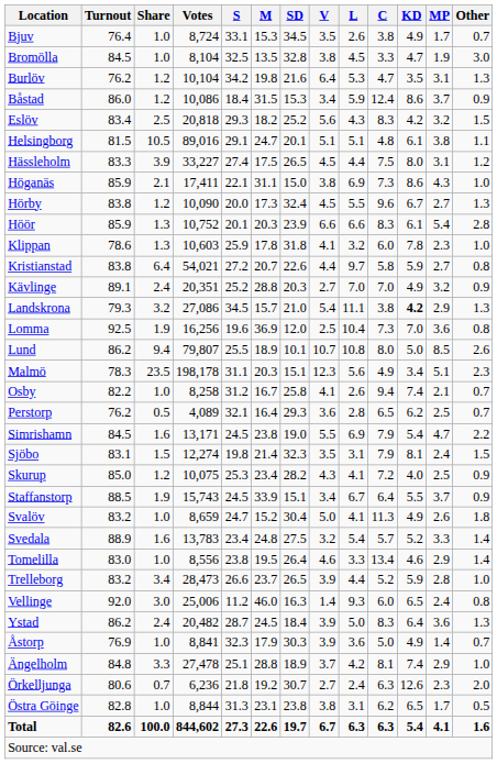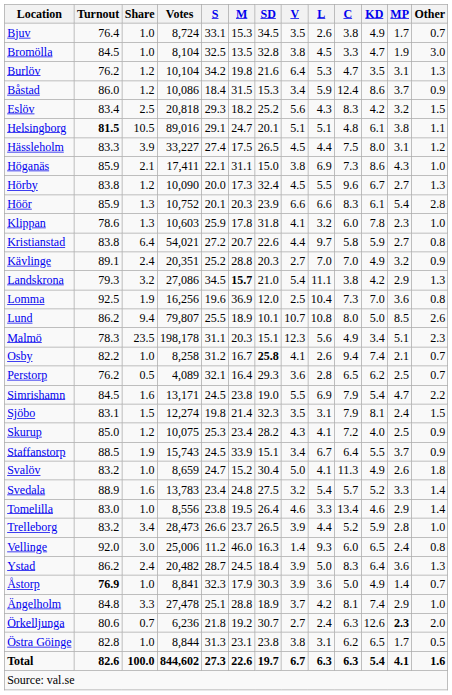 <table class="wikitable sortable" style=text-align:right>
 <tr>
 <th>Location</th>
 <th>Turnout</th>
 <th>Share</th>
 <th>Votes</th>
 <th><a href='#'>S</a></th>
 <th><a href='#'>M</a></th>
 <th><a href='#'>SD</a></th>
 <th><a href='#'>V</a></th>
 <th><a href='#'>L</a></th>
 <th><a href='#'>C</a></th>
 <th><a href='#'>KD</a></th>
 <th><a href='#'>MP</a></th>
 <th>Other</th>
 </tr>
 <tr>
 <td align=left><a href='#'>Bjuv</a></td>
 <td>76.4</td>
 <td>1.0</td>
 <td>8,724</td>
 <td>33.1</td>
 <td>15.3</td>
 <td>34.5</td>
 <td>3.5</td>
 <td>2.6</td>
 <td>3.8</td>
 <td>4.9</td>
 <td>1.7</td>
 <td>0.7</td>
 </tr>
 <tr>
 <td align=left><a href='#'>Bromölla</a></td>
 <td>84.5</td>
 <td>1.0</td>
 <td>8,104</td>
 <td>32.5</td>
 <td>13.5</td>
 <td>32.8</td>
 <td>3.8</td>
 <td>4.5</td>
 <td>3.3</td>
 <td>4.7</td>
 <td>1.9</td>
 <td>3.0</td>
 </tr>
 <tr>
 <td align=left><a href='#'>Burlöv</a></td>
 <td>76.2</td>
 <td>1.2</td>
 <td>10,104</td>
 <td>34.2</td>
 <td>19.8</td>
 <td>21.6</td>
 <td>6.4</td>
 <td>5.3</td>
 <td>4.7</td>
 <td>3.5</td>
 <td>3.1</td>
 <td>1.3</td>
 </tr>
 <tr>
 <td align=left><a href='#'>Båstad</a></td>
 <td>86.0</td>
 <td>1.2</td>
 <td>10,086</td>
 <td>18.4</td>
 <td>31.5</td>
 <td>15.3</td>
 <td>3.4</td>
 <td>5.9</td>
 <td>12.4</td>
 <td>8.6</td>
 <td>3.7</td>
 <td>0.9</td>
 </tr>
 <tr>
 <td align=left><a href='#'>Eslöv</a></td>
 <td>83.4</td>
 <td>2.5</td>
 <td>20,818</td>
 <td>29.3</td>
 <td>18.2</td>
 <td>25.2</td>
 <td>5.6</td>
 <td>4.3</td>
 <td>8.3</td>
 <td>4.2</td>
 <td>3.2</td>
 <td>1.5</td>
 </tr>
 <tr>
 <td align=left><a href='#'>Helsingborg</a></td>
-<td>81.5</td>
+<td><strong>81.5</strong></td>
 <td>10.5</td>
 <td>89,016</td>
 <td>29.1</td>
 <td>24.7</td>
 <td>20.1</td>
 <td>5.1</td>
 <td>5.1</td>
 <td>4.8</td>
 <td>6.1</td>
 <td>3.8</td>
 <td>1.1</td>
 </tr>
 <tr>
 <td align=left><a href='#'>Hässleholm</a></td>
 <td>83.3</td>
 <td>3.9</td>
 <td>33,227</td>
 <td>27.4</td>
 <td>17.5</td>
 <td>26.5</td>
 <td>4.5</td>
 <td>4.4</td>
 <td>7.5</td>
 <td>8.0</td>
 <td>3.1</td>
 <td>1.2</td>
 </tr>
 <tr>
 <td align=left><a href='#'>Höganäs</a></td>
 <td>85.9</td>
 <td>2.1</td>
 <td>17,411</td>
 <td>22.1</td>
 <td>31.1</td>
 <td>15.0</td>
 <td>3.8</td>
 <td>6.9</td>
 <td>7.3</td>
 <td>8.6</td>
 <td>4.3</td>
 <td>1.0</td>
 </tr>
 <tr>
 <td align=left><a href='#'>Hörby</a></td>
 <td>83.8</td>
 <td>1.2</td>
 <td>10,090</td>
 <td>20.0</td>
 <td>17.3</td>
 <td>32.4</td>
 <td>4.5</td>
 <td>5.5</td>
 <td>9.6</td>
 <td>6.7</td>
 <td>2.7</td>
 <td>1.3</td>
 </tr>
 <tr>
 <td align=left><a href='#'>Höör</a></td>
 <td>85.9</td>
 <td>1.3</td>
 <td>10,752</td>
 <td>20.1</td>
 <td>20.3</td>
 <td>23.9</td>
 <td>6.6</td>
 <td>6.6</td>
 <td>8.3</td>
 <td>6.1</td>
 <td>5.4</td>
 <td>2.8</td>
 </tr>
 <tr>
 <td align=left><a href='#'>Klippan</a></td>
 <td>78.6</td>
 <td>1.3</td>
 <td>10,603</td>
 <td>25.9</td>
 <td>17.8</td>
 <td>31.8</td>
 <td>4.1</td>
 <td>3.2</td>
 <td>6.0</td>
 <td>7.8</td>
 <td>2.3</td>
 <td>1.0</td>
 </tr>
 <tr>
 <td align=left><a href='#'>Kristianstad</a></td>
 <td>83.8</td>
 <td>6.4</td>
 <td>54,021</td>
 <td>27.2</td>
 <td>20.7</td>
 <td>22.6</td>
 <td>4.4</td>
 <td>9.7</td>
 <td>5.8</td>
 <td>5.9</td>
 <td>2.7</td>
 <td>0.8</td>
 </tr>
 <tr>
 <td align=left><a href='#'>Kävlinge</a></td>
 <td>89.1</td>
 <td>2.4</td>
 <td>20,351</td>
 <td>25.2</td>
 <td>28.8</td>
 <td>20.3</td>
 <td>2.7</td>
 <td>7.0</td>
 <td>7.0</td>
 <td>4.9</td>
 <td>3.2</td>
 <td>0.9</td>
 </tr>
 <tr>
 <td align=left><a href='#'>Landskrona</a></td>
 <td>79.3</td>
 <td>3.2</td>
 <td>27,086</td>
 <td>34.5</td>
-<td>15.7</td>
+<td><strong>15.7</strong></td>
 <td>21.0</td>
 <td>5.4</td>
 <td>11.1</td>
 <td>3.8</td>
-<td><strong>4.2</strong></td>
+<td>4.2</td>
 <td>2.9</td>
 <td>1.3</td>
 </tr>
 <tr>
 <td align=left><a href='#'>Lomma</a></td>
 <td>92.5</td>
 <td>1.9</td>
 <td>16,256</td>
 <td>19.6</td>
 <td>36.9</td>
 <td>12.0</td>
 <td>2.5</td>
 <td>10.4</td>
 <td>7.3</td>
 <td>7.0</td>
 <td>3.6</td>
 <td>0.8</td>
 </tr>
 <tr>
 <td align=left><a href='#'>Lund</a></td>
 <td>86.2</td>
 <td>9.4</td>
 <td>79,807</td>
 <td>25.5</td>
 <td>18.9</td>
 <td>10.1</td>
 <td>10.7</td>
 <td>10.8</td>
 <td>8.0</td>
 <td>5.0</td>
 <td>8.5</td>
 <td>2.6</td>
 </tr>
 <tr>
 <td align=left><a href='#'>Malmö</a></td>
 <td>78.3</td>
 <td>23.5</td>
 <td>198,178</td>
 <td>31.1</td>
 <td>20.3</td>
 <td>15.1</td>
 <td>12.3</td>
 <td>5.6</td>
 <td>4.9</td>
 <td>3.4</td>
 <td>5.1</td>
 <td>2.3</td>
 </tr>
 <tr>
 <td align=left><a href='#'>Osby</a></td>
 <td>82.2</td>
 <td>1.0</td>
 <td>8,258</td>
 <td>31.2</td>
 <td>16.7</td>
-<td>25.8</td>
+<td><strong>25.8</strong></td>
 <td>4.1</td>
 <td>2.6</td>
 <td>9.4</td>
 <td>7.4</td>
 <td>2.1</td>
 <td>0.7</td>
 </tr>
 <tr>
 <td align=left><a href='#'>Perstorp</a></td>
 <td>76.2</td>
 <td>0.5</td>
 <td>4,089</td>
 <td>32.1</td>
 <td>16.4</td>
 <td>29.3</td>
 <td>3.6</td>
 <td>2.8</td>
 <td>6.5</td>
 <td>6.2</td>
 <td>2.5</td>
 <td>0.7</td>
 </tr>
 <tr>
 <td align=left><a href='#'>Simrishamn</a></td>
 <td>84.5</td>
 <td>1.6</td>
 <td>13,171</td>
 <td>24.5</td>
 <td>23.8</td>
 <td>19.0</td>
 <td>5.5</td>
 <td>6.9</td>
 <td>7.9</td>
 <td>5.4</td>
 <td>4.7</td>
 <td>2.2</td>
 </tr>
 <tr>
 <td align=left><a href='#'>Sjöbo</a></td>
 <td>83.1</td>
 <td>1.5</td>
 <td>12,274</td>
 <td>19.8</td>
 <td>21.4</td>
 <td>32.3</td>
 <td>3.5</td>
 <td>3.1</td>
 <td>7.9</td>
 <td>8.1</td>
 <td>2.4</td>
 <td>1.5</td>
 </tr>
 <tr>
 <td align=left><a href='#'>Skurup</a></td>
 <td>85.0</td>
 <td>1.2</td>
 <td>10,075</td>
 <td>25.3</td>
 <td>23.4</td>
 <td>28.2</td>
 <td>4.3</td>
 <td>4.1</td>
 <td>7.2</td>
 <td>4.0</td>
 <td>2.5</td>
 <td>0.9</td>
 </tr>
 <tr>
 <td align=left><a href='#'>Staffanstorp</a></td>
 <td>88.5</td>
 <td>1.9</td>
 <td>15,743</td>
 <td>24.5</td>
 <td>33.9</td>
 <td>15.1</td>
 <td>3.4</td>
 <td>6.7</td>
 <td>6.4</td>
 <td>5.5</td>
 <td>3.7</td>
 <td>0.9</td>
 </tr>
 <tr>
 <td align=left><a href='#'>Svalöv</a></td>
 <td>83.2</td>
 <td>1.0</td>
 <td>8,659</td>
 <td>24.7</td>
 <td>15.2</td>
 <td>30.4</td>
 <td>5.0</td>
 <td>4.1</td>
 <td>11.3</td>
 <td>4.9</td>
 <td>2.6</td>
 <td>1.8</td>
 </tr>
 <tr>
 <td align=left><a href='#'>Svedala</a></td>
 <td>88.9</td>
 <td>1.6</td>
 <td>13,783</td>
 <td>23.4</td>
 <td>24.8</td>
 <td>27.5</td>
 <td>3.2</td>
 <td>5.4</td>
 <td>5.7</td>
 <td>5.2</td>
 <td>3.3</td>
 <td>1.4</td>
 </tr>
 <tr>
 <td align=left><a href='#'>Tomelilla</a></td>
 <td>83.0</td>
 <td>1.0</td>
 <td>8,556</td>
 <td>23.8</td>
 <td>19.5</td>
 <td>26.4</td>
 <td>4.6</td>
 <td>3.3</td>
 <td>13.4</td>
 <td>4.6</td>
 <td>2.9</td>
 <td>1.4</td>
 </tr>
 <tr>
 <td align=left><a href='#'>Trelleborg</a></td>
 <td>83.2</td>
 <td>3.4</td>
 <td>28,473</td>
 <td>26.6</td>
 <td>23.7</td>
 <td>26.5</td>
 <td>3.9</td>
 <td>4.4</td>
 <td>5.2</td>
 <td>5.9</td>
 <td>2.8</td>
 <td>1.0</td>
 </tr>
 <tr>
 <td align=left><a href='#'>Vellinge</a></td>
 <td>92.0</td>
 <td>3.0</td>
 <td>25,006</td>
 <td>11.2</td>
 <td>46.0</td>
 <td>16.3</td>
 <td>1.4</td>
 <td>9.3</td>
 <td>6.0</td>
 <td>6.5</td>
 <td>2.4</td>
 <td>0.8</td>
 </tr>
 <tr>
 <td align=left><a href='#'>Ystad</a></td>
 <td>86.2</td>
 <td>2.4</td>
 <td>20,482</td>
 <td>28.7</td>
 <td>24.5</td>
 <td>18.4</td>
 <td>3.9</td>
 <td>5.0</td>
 <td>8.3</td>
 <td>6.4</td>
 <td>3.6</td>
 <td>1.3</td>
 </tr>
 <tr>
 <td align=left><a href='#'>Åstorp</a></td>
-<td>76.9</td>
+<td><strong>76.9</strong></td>
 <td>1.0</td>
 <td>8,841</td>
 <td>32.3</td>
 <td>17.9</td>
 <td>30.3</td>
 <td>3.9</td>
 <td>3.6</td>
 <td>5.0</td>
 <td>4.9</td>
 <td>1.4</td>
 <td>0.7</td>
 </tr>
 <tr>
 <td align=left><a href='#'>Ängelholm</a></td>
 <td>84.8</td>
 <td>3.3</td>
 <td>27,478</td>
 <td>25.1</td>
 <td>28.8</td>
 <td>18.9</td>
 <td>3.7</td>
 <td>4.2</td>
 <td>8.1</td>
 <td>7.4</td>
 <td>2.9</td>
 <td>1.0</td>
 </tr>
 <tr>
 <td align=left><a href='#'>Örkelljunga</a></td>
 <td>80.6</td>
 <td>0.7</td>
 <td>6,236</td>
 <td>21.8</td>
 <td>19.2</td>
 <td>30.7</td>
 <td>2.7</td>
 <td>2.4</td>
 <td>6.3</td>
 <td>12.6</td>
-<td>2.3</td>
+<td><strong>2.3</strong></td>
 <td>2.0</td>
 </tr>
 <tr>
 <td align=left><a href='#'>Östra Göinge</a></td>
 <td>82.8</td>
 <td>1.0</td>
 <td>8,844</td>
 <td>31.3</td>
 <td>23.1</td>
 <td>23.8</td>
 <td>3.8</td>
 <td>3.1</td>
 <td>6.2</td>
 <td>6.5</td>
 <td>1.7</td>
 <td>0.5</td>
 </tr>
 <tr>
 <td align=left><strong>Total</strong></td>
 <td><strong>82.6</strong></td>
 <td><strong>100.0</strong></td>
 <td><strong>844,602</strong></td>
 <td><strong>27.3</strong></td>
 <td><strong>22.6</strong></td>
 <td><strong>19.7</strong></td>
 <td><strong>6.7</strong></td>
 <td><strong>6.3</strong></td>
 <td><strong>6.3</strong></td>
 <td><strong>5.4</strong></td>
 <td><strong>4.1</strong></td>
 <td><strong>1.6</strong></td>
 </tr>
 <tr>
 <td align=left colspan=13>Source: val.se </td>
 </tr>
 </table>
